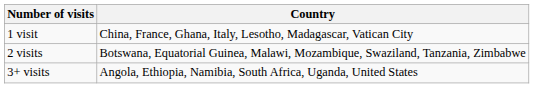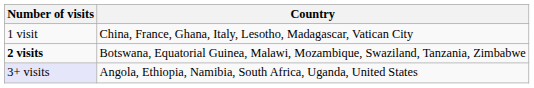 <table class=wikitable>
 <tr>
 <th>Number of visits</th>
 <th>Country</th>
 </tr>
 <tr>
 <td>1 visit</td>
 <td>China, France, Ghana, Italy, Lesotho, Madagascar, Vatican City</td>
 </tr>
 <tr>
-<td>2 visits</td>
+<td><strong>2 visits</strong></td>
 <td>Botswana, Equatorial Guinea, Malawi, Mozambique, Swaziland, Tanzania, Zimbabwe</td>
 </tr>
 <tr>
-<td>3+ visits</td>
+<td style="background: lavender;">3+ visits</td>
 <td>Angola, Ethiopia, Namibia, South Africa, Uganda, United States</td>
 </tr>
 </table>
